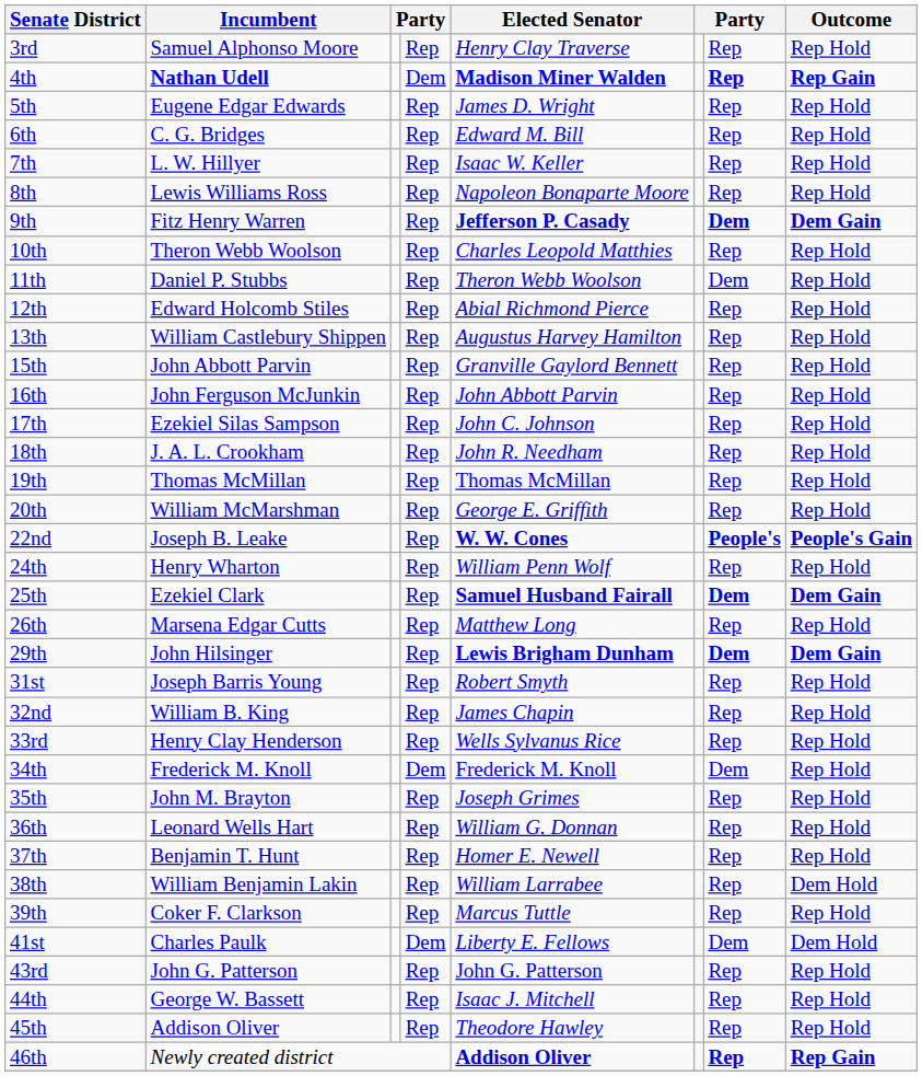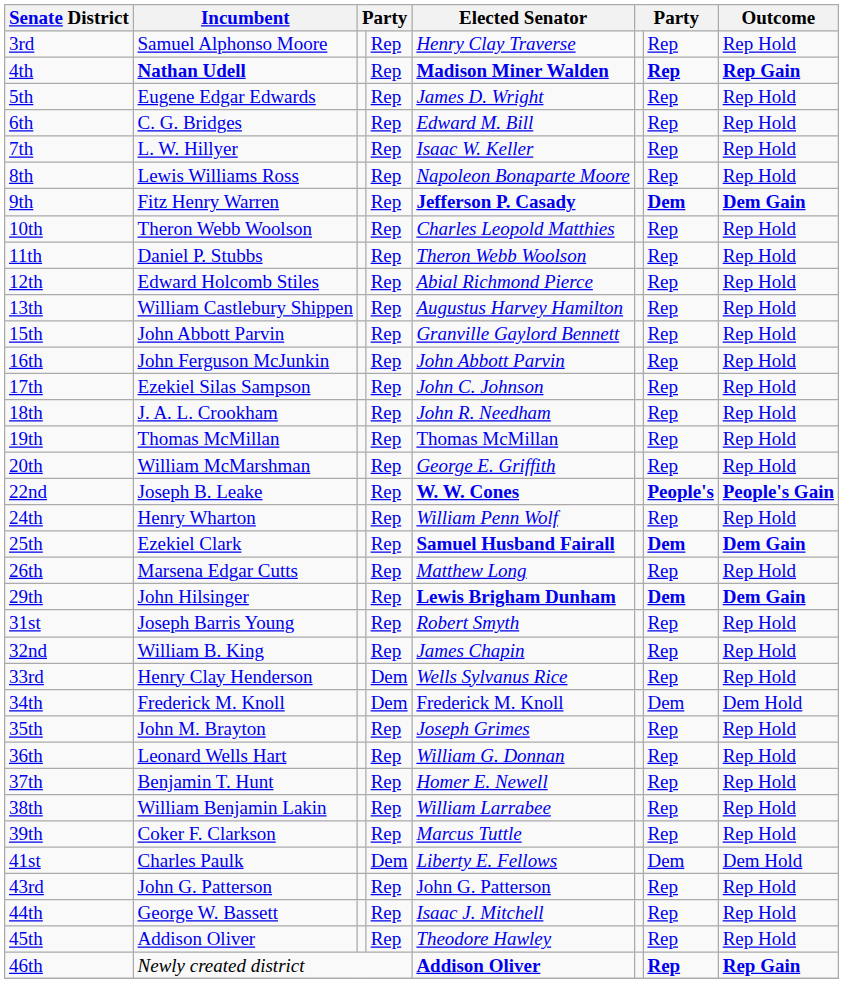 <table class="sortable wikitable" style="font-size:95%;line-height:14px;">
 <tr>
 <th class="sortable"><a href='#'>Senate</a> District</th>
 <th class="sortable"><a href='#'>Incumbent</a></th>
 <th colspan="2">Party</th>
 <th class="sortable">Elected Senator</th>
 <th colspan="2">Party</th>
 <th class="sortable">Outcome</th>
 </tr>
 <tr>
 <td><a href='#'>3rd</a></td>
 <td><a href='#'>Samuel Alphonso Moore</a></td>
 <td style="background:"></td>
 <td><a href='#'>Rep</a></td>
 <td><em><a href='#'>Henry Clay Traverse</a></em></td>
 <td style="background:"></td>
 <td><a href='#'>Rep</a></td>
 <td><a href='#'>Rep Hold</a></td>
 </tr>
 <tr>
 <td><a href='#'>4th</a></td>
 <td><strong><a href='#'>Nathan Udell</a></strong></td>
 <td style="background:"></td>
-<td><a href='#'>Dem</a></td>
+<td><a href='#'>Rep</a></td>
 <td><strong><a href='#'>Madison Miner Walden</a></strong></td>
 <td style="background:"></td>
 <td><strong><a href='#'>Rep</a></strong></td>
 <td><strong><a href='#'>Rep Gain</a></strong></td>
 </tr>
 <tr>
 <td><a href='#'>5th</a></td>
 <td><a href='#'>Eugene Edgar Edwards</a></td>
 <td style="background:"></td>
 <td><a href='#'>Rep</a></td>
 <td><em><a href='#'>James D. Wright</a></em></td>
 <td style="background:"></td>
 <td><a href='#'>Rep</a></td>
 <td><a href='#'>Rep Hold</a></td>
 </tr>
 <tr>
 <td><a href='#'>6th</a></td>
 <td><a href='#'>C. G. Bridges</a></td>
 <td style="background:"></td>
 <td><a href='#'>Rep</a></td>
 <td><em><a href='#'>Edward M. Bill</a></em></td>
 <td style="background:"></td>
 <td><a href='#'>Rep</a></td>
 <td><a href='#'>Rep Hold</a></td>
 </tr>
 <tr>
 <td><a href='#'>7th</a></td>
 <td><a href='#'>L. W. Hillyer</a></td>
 <td style="background:"></td>
 <td><a href='#'>Rep</a></td>
 <td><em><a href='#'>Isaac W. Keller</a></em></td>
 <td style="background:"></td>
 <td><a href='#'>Rep</a></td>
 <td><a href='#'>Rep Hold</a></td>
 </tr>
 <tr>
 <td><a href='#'>8th</a></td>
 <td><a href='#'>Lewis Williams Ross</a></td>
 <td style="background:"></td>
 <td><a href='#'>Rep</a></td>
 <td><em><a href='#'>Napoleon Bonaparte Moore</a></em></td>
 <td style="background:"></td>
 <td><a href='#'>Rep</a></td>
 <td><a href='#'>Rep Hold</a></td>
 </tr>
 <tr>
 <td><a href='#'>9th</a></td>
 <td><a href='#'>Fitz Henry Warren</a></td>
 <td style="background:"></td>
 <td><a href='#'>Rep</a></td>
 <td><strong><a href='#'>Jefferson P. Casady</a></strong></td>
 <td style="background:"></td>
 <td><strong><a href='#'>Dem</a></strong></td>
 <td><strong><a href='#'>Dem Gain</a></strong></td>
 </tr>
 <tr>
 <td><a href='#'>10th</a></td>
 <td><a href='#'>Theron Webb Woolson</a></td>
 <td style="background:"></td>
 <td><a href='#'>Rep</a></td>
 <td><em><a href='#'>Charles Leopold Matthies</a></em></td>
 <td style="background:"></td>
 <td><a href='#'>Rep</a></td>
 <td><a href='#'>Rep Hold</a></td>
 </tr>
 <tr>
 <td><a href='#'>11th</a></td>
 <td><a href='#'>Daniel P. Stubbs</a></td>
 <td style="background:"></td>
 <td><a href='#'>Rep</a></td>
 <td><em><a href='#'>Theron Webb Woolson</a></em></td>
 <td style="background:"></td>
-<td><a href='#'>Dem</a></td>
+<td><a href='#'>Rep</a></td>
 <td><a href='#'>Rep Hold</a></td>
 </tr>
 <tr>
 <td><a href='#'>12th</a></td>
 <td><a href='#'>Edward Holcomb Stiles</a></td>
 <td style="background:"></td>
 <td><a href='#'>Rep</a></td>
 <td><em><a href='#'>Abial Richmond Pierce</a></em></td>
 <td style="background:"></td>
 <td><a href='#'>Rep</a></td>
 <td><a href='#'>Rep Hold</a></td>
 </tr>
 <tr>
 <td><a href='#'>13th</a></td>
 <td><a href='#'>William Castlebury Shippen</a></td>
 <td style="background:"></td>
 <td><a href='#'>Rep</a></td>
 <td><em><a href='#'>Augustus Harvey Hamilton</a></em></td>
 <td style="background:"></td>
 <td><a href='#'>Rep</a></td>
 <td><a href='#'>Rep Hold</a></td>
 </tr>
 <tr>
 <td><a href='#'>15th</a></td>
 <td><a href='#'>John Abbott Parvin</a></td>
 <td style="background:"></td>
 <td><a href='#'>Rep</a></td>
 <td><em><a href='#'>Granville Gaylord Bennett</a></em></td>
 <td style="background:"></td>
 <td><a href='#'>Rep</a></td>
 <td><a href='#'>Rep Hold</a></td>
 </tr>
 <tr>
 <td><a href='#'>16th</a></td>
 <td><a href='#'>John Ferguson McJunkin</a></td>
 <td style="background:"></td>
 <td><a href='#'>Rep</a></td>
 <td><em><a href='#'>John Abbott Parvin</a></em></td>
 <td style="background:"></td>
 <td><a href='#'>Rep</a></td>
 <td><a href='#'>Rep Hold</a></td>
 </tr>
 <tr>
 <td><a href='#'>17th</a></td>
 <td><a href='#'>Ezekiel Silas Sampson</a></td>
 <td style="background:"></td>
 <td><a href='#'>Rep</a></td>
 <td><em><a href='#'>John C. Johnson</a></em></td>
 <td style="background:"></td>
 <td><a href='#'>Rep</a></td>
 <td><a href='#'>Rep Hold</a></td>
 </tr>
 <tr>
 <td><a href='#'>18th</a></td>
 <td><a href='#'>J. A. L. Crookham</a></td>
 <td style="background:"></td>
 <td><a href='#'>Rep</a></td>
 <td><em><a href='#'>John R. Needham</a></em></td>
 <td style="background:"></td>
 <td><a href='#'>Rep</a></td>
 <td><a href='#'>Rep Hold</a></td>
 </tr>
 <tr>
 <td><a href='#'>19th</a></td>
 <td><a href='#'>Thomas McMillan</a></td>
 <td style="background:"></td>
 <td><a href='#'>Rep</a></td>
 <td><a href='#'>Thomas McMillan</a></td>
 <td style="background:"></td>
 <td><a href='#'>Rep</a></td>
 <td><a href='#'>Rep Hold</a></td>
 </tr>
 <tr>
 <td><a href='#'>20th</a></td>
 <td><a href='#'>William McMarshman</a></td>
 <td style="background:"></td>
 <td><a href='#'>Rep</a></td>
 <td><em><a href='#'>George E. Griffith</a></em></td>
 <td style="background:"></td>
 <td><a href='#'>Rep</a></td>
 <td><a href='#'>Rep Hold</a></td>
 </tr>
 <tr>
 <td><a href='#'>22nd</a></td>
 <td><a href='#'>Joseph B. Leake</a></td>
 <td style="background:"></td>
 <td><a href='#'>Rep</a></td>
 <td><strong><a href='#'>W. W. Cones</a></strong></td>
 <td style="background:"></td>
 <td><strong><a href='#'>People's</a></strong></td>
 <td style="background:"><strong><a href='#'>People's Gain</a></strong></td>
 </tr>
 <tr>
 <td><a href='#'>24th</a></td>
 <td><a href='#'>Henry Wharton</a></td>
 <td style="background:"></td>
 <td><a href='#'>Rep</a></td>
 <td><em><a href='#'>William Penn Wolf</a></em></td>
 <td style="background:"></td>
 <td><a href='#'>Rep</a></td>
 <td><a href='#'>Rep Hold</a></td>
 </tr>
 <tr>
 <td><a href='#'>25th</a></td>
 <td><a href='#'>Ezekiel Clark</a></td>
 <td style="background:"></td>
 <td><a href='#'>Rep</a></td>
 <td><strong><a href='#'>Samuel Husband Fairall</a></strong></td>
 <td style="background:"></td>
 <td><strong><a href='#'>Dem</a></strong></td>
 <td><strong><a href='#'>Dem Gain</a></strong></td>
 </tr>
 <tr>
 <td><a href='#'>26th</a></td>
 <td><a href='#'>Marsena Edgar Cutts</a></td>
 <td style="background:"></td>
 <td><a href='#'>Rep</a></td>
 <td><em><a href='#'>Matthew Long</a></em></td>
 <td style="background:"></td>
 <td><a href='#'>Rep</a></td>
 <td><a href='#'>Rep Hold</a></td>
 </tr>
 <tr>
 <td><a href='#'>29th</a></td>
 <td><a href='#'>John Hilsinger</a></td>
 <td style="background:"></td>
 <td><a href='#'>Rep</a></td>
 <td><strong><a href='#'>Lewis Brigham Dunham</a></strong></td>
 <td style="background:"></td>
 <td><strong><a href='#'>Dem</a></strong></td>
 <td><strong><a href='#'>Dem Gain</a></strong></td>
 </tr>
 <tr>
 <td><a href='#'>31st</a></td>
 <td><a href='#'>Joseph Barris Young</a></td>
 <td style="background:"></td>
 <td><a href='#'>Rep</a></td>
 <td><em><a href='#'>Robert Smyth</a></em></td>
 <td style="background:"></td>
 <td><a href='#'>Rep</a></td>
 <td><a href='#'>Rep Hold</a></td>
 </tr>
 <tr>
 <td><a href='#'>32nd</a></td>
 <td><a href='#'>William B. King</a></td>
 <td style="background:"></td>
 <td><a href='#'>Rep</a></td>
 <td><em><a href='#'>James Chapin</a></em></td>
 <td style="background:"></td>
 <td><a href='#'>Rep</a></td>
 <td><a href='#'>Rep Hold</a></td>
 </tr>
 <tr>
 <td><a href='#'>33rd</a></td>
 <td><a href='#'>Henry Clay Henderson</a></td>
 <td style="background:"></td>
-<td><a href='#'>Rep</a></td>
+<td><a href='#'>Dem</a></td>
 <td><em><a href='#'>Wells Sylvanus Rice</a></em></td>
 <td style="background:"></td>
 <td><a href='#'>Rep</a></td>
 <td><a href='#'>Rep Hold</a></td>
 </tr>
 <tr>
 <td><a href='#'>34th</a></td>
 <td><a href='#'>Frederick M. Knoll</a></td>
 <td style="background:"></td>
 <td><a href='#'>Dem</a></td>
 <td><a href='#'>Frederick M. Knoll</a></td>
 <td style="background:"></td>
 <td><a href='#'>Dem</a></td>
-<td><a href='#'>Rep Hold</a></td>
+<td><a href='#'>Dem Hold</a></td>
 </tr>
 <tr>
 <td><a href='#'>35th</a></td>
 <td><a href='#'>John M. Brayton</a></td>
 <td style="background:"></td>
 <td><a href='#'>Rep</a></td>
 <td><em><a href='#'>Joseph Grimes</a></em></td>
 <td style="background:"></td>
 <td><a href='#'>Rep</a></td>
 <td><a href='#'>Rep Hold</a></td>
 </tr>
 <tr>
 <td><a href='#'>36th</a></td>
 <td><a href='#'>Leonard Wells Hart</a></td>
 <td style="background:"></td>
 <td><a href='#'>Rep</a></td>
 <td><em><a href='#'>William G. Donnan</a></em></td>
 <td style="background:"></td>
 <td><a href='#'>Rep</a></td>
 <td><a href='#'>Rep Hold</a></td>
 </tr>
 <tr>
 <td><a href='#'>37th</a></td>
 <td><a href='#'>Benjamin T. Hunt</a></td>
 <td style="background:"></td>
 <td><a href='#'>Rep</a></td>
 <td><em><a href='#'>Homer E. Newell</a></em></td>
 <td style="background:"></td>
 <td><a href='#'>Rep</a></td>
 <td><a href='#'>Rep Hold</a></td>
 </tr>
 <tr>
 <td><a href='#'>38th</a></td>
 <td><a href='#'>William Benjamin Lakin</a></td>
 <td style="background:"></td>
 <td><a href='#'>Rep</a></td>
 <td><em><a href='#'>William Larrabee</a></em></td>
 <td style="background:"></td>
 <td><a href='#'>Rep</a></td>
-<td><a href='#'>Dem Hold</a></td>
+<td><a href='#'>Rep Hold</a></td>
 </tr>
 <tr>
 <td><a href='#'>39th</a></td>
 <td><a href='#'>Coker F. Clarkson</a></td>
 <td style="background:"></td>
 <td><a href='#'>Rep</a></td>
 <td><em><a href='#'>Marcus Tuttle</a></em></td>
 <td style="background:"></td>
 <td><a href='#'>Rep</a></td>
 <td><a href='#'>Rep Hold</a></td>
 </tr>
 <tr>
 <td><a href='#'>41st</a></td>
 <td><a href='#'>Charles Paulk</a></td>
 <td style="background:"></td>
 <td><a href='#'>Dem</a></td>
 <td><em><a href='#'>Liberty E. Fellows</a></em></td>
 <td style="background:"></td>
 <td><a href='#'>Dem</a></td>
 <td><a href='#'>Dem Hold</a></td>
 </tr>
 <tr>
 <td><a href='#'>43rd</a></td>
 <td><a href='#'>John G. Patterson</a></td>
 <td style="background:"></td>
 <td><a href='#'>Rep</a></td>
 <td><a href='#'>John G. Patterson</a></td>
 <td style="background:"></td>
 <td><a href='#'>Rep</a></td>
 <td><a href='#'>Rep Hold</a></td>
 </tr>
 <tr>
 <td><a href='#'>44th</a></td>
 <td><a href='#'>George W. Bassett</a></td>
 <td style="background:"></td>
 <td><a href='#'>Rep</a></td>
 <td><em><a href='#'>Isaac J. Mitchell</a></em></td>
 <td style="background:"></td>
 <td><a href='#'>Rep</a></td>
 <td><a href='#'>Rep Hold</a></td>
 </tr>
 <tr>
 <td><a href='#'>45th</a></td>
 <td><a href='#'>Addison Oliver</a></td>
 <td style="background:"></td>
 <td><a href='#'>Rep</a></td>
 <td><em><a href='#'>Theodore Hawley</a></em></td>
 <td style="background:"></td>
 <td><a href='#'>Rep</a></td>
 <td><a href='#'>Rep Hold</a></td>
 </tr>
 <tr>
 <td><a href='#'>46th</a></td>
 <td colspan="3" ><em>Newly created district</em></td>
 <td><strong><a href='#'>Addison Oliver</a></strong></td>
 <td style="background:"></td>
 <td><strong><a href='#'>Rep</a></strong></td>
 <td><strong><a href='#'>Rep Gain</a></strong></td>
 </tr>
 <tr>
 </tr>
 </table>
